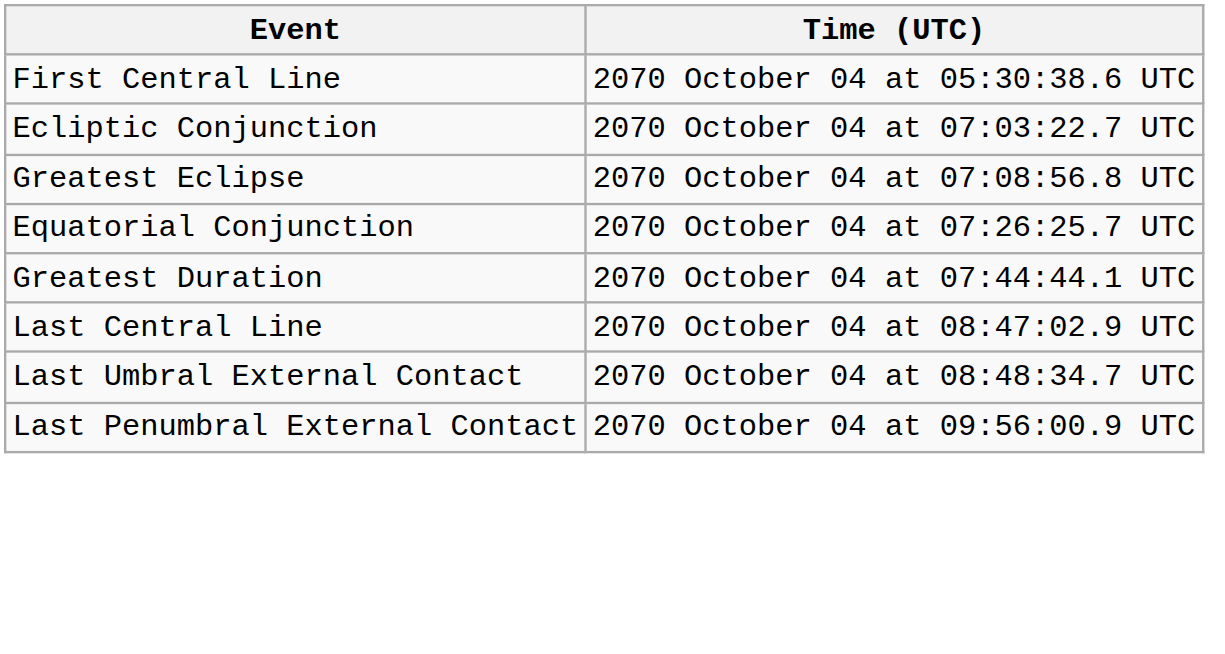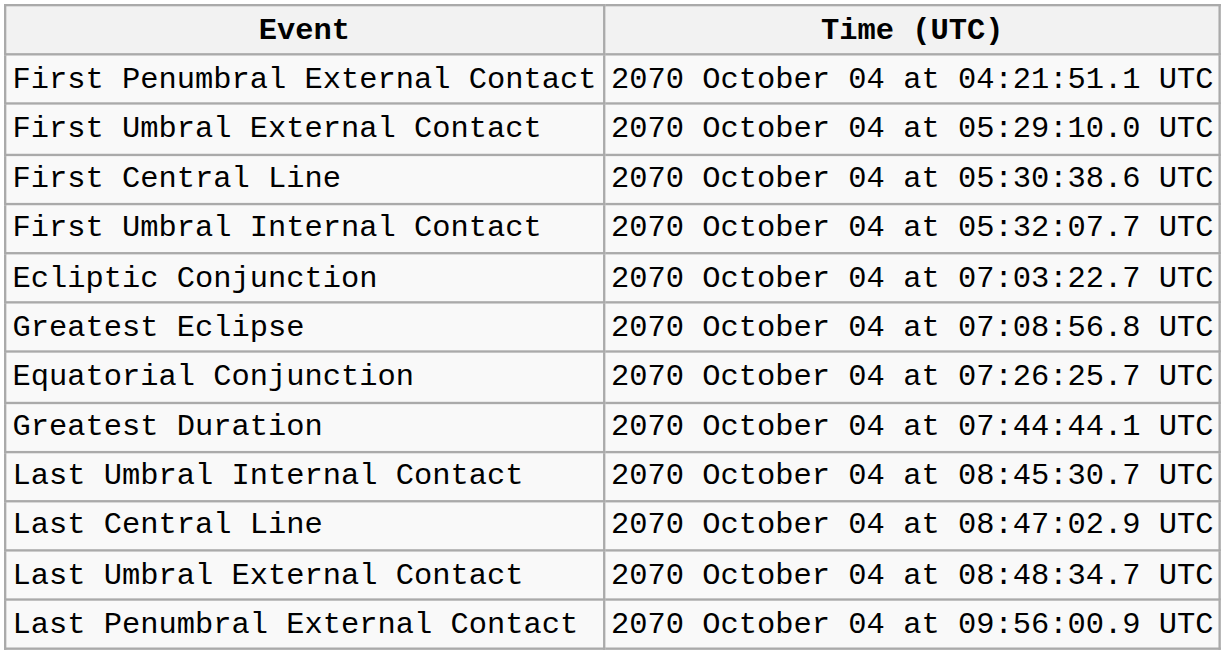 <table class="wikitable">
 <tr>
 <th>Event</th>
 <th>Time (UTC)</th>
 </tr>
 <tr>
+<td>First Penumbral External Contact</td>
+<td>2070 October 04 at 04:21:51.1 UTC</td>
+</tr>
+<tr>
+<td>First Umbral External Contact</td>
+<td>2070 October 04 at 05:29:10.0 UTC</td>
+</tr>
+<tr>
 <td>First Central Line</td>
 <td>2070 October 04 at 05:30:38.6 UTC</td>
+</tr>
+<tr>
+<td>First Umbral Internal Contact</td>
+<td>2070 October 04 at 05:32:07.7 UTC</td>
 </tr>
 <tr>
 <td>Ecliptic Conjunction</td>
 <td>2070 October 04 at 07:03:22.7 UTC</td>
 </tr>
 <tr>
 <td>Greatest Eclipse</td>
 <td>2070 October 04 at 07:08:56.8 UTC</td>
 </tr>
 <tr>
 <td>Equatorial Conjunction</td>
 <td>2070 October 04 at 07:26:25.7 UTC</td>
 </tr>
 <tr>
 <td>Greatest Duration</td>
 <td>2070 October 04 at 07:44:44.1 UTC</td>
 </tr>
 <tr>
+<td>Last Umbral Internal Contact</td>
+<td>2070 October 04 at 08:45:30.7 UTC</td>
+</tr>
+<tr>
 <td>Last Central Line</td>
 <td>2070 October 04 at 08:47:02.9 UTC</td>
 </tr>
 <tr>
 <td>Last Umbral External Contact</td>
 <td>2070 October 04 at 08:48:34.7 UTC</td>
 </tr>
 <tr>
 <td>Last Penumbral External Contact</td>
 <td>2070 October 04 at 09:56:00.9 UTC</td>
 </tr>
 </table>
